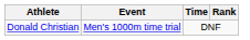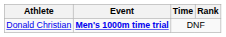 <table class=wikitable style="font-size:90%">
 <tr>
 <th>Athlete</th>
 <th>Event</th>
 <th>Time</th>
 <th>Rank</th>
 </tr>
 <tr align=center>
 <td align=left><a href='#'>Donald Christian</a></td>
-<td align=left><a href='#'>Men's 1000m time trial</a></td>
+<td align=left><strong><a href='#'>Men's 1000m time trial</a></strong></td>
 <td colspan=2>DNF</td>
 </tr>
 </table>
